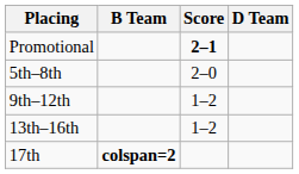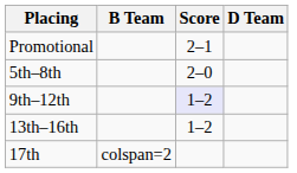 <table class=wikitable style="border:1px solid #AAAAAA;">
 <tr>
 <th>Placing</th>
 <th>B Team</th>
 <th>Score</th>
 <th>D Team</th>
 </tr>
 <tr>
 <td>Promotional</td>
 <td><strong></strong></td>
-<td align="center"><strong>2–1</strong></td>
+<td align="center">2–1</td>
 <td></td>
 </tr>
 <tr>
 <td>5th–8th</td>
 <td><strong></strong></td>
 <td align="center">2–0</td>
 <td></td>
 </tr>
 <tr>
 <td>9th–12th</td>
 <td></td>
-<td align="center">1–2</td>
+<td align="center" style="background: lavender;">1–2</td>
 <td><strong></strong></td>
 </tr>
 <tr>
 <td>13th–16th</td>
 <td></td>
 <td align="center">1–2</td>
 <td><strong></strong></td>
 </tr>
 <tr>
 <td>17th</td>
-<td><strong>colspan=2 </strong></td>
+<td>colspan=2 </td>
 <td></td>
 </tr>
 </table>
